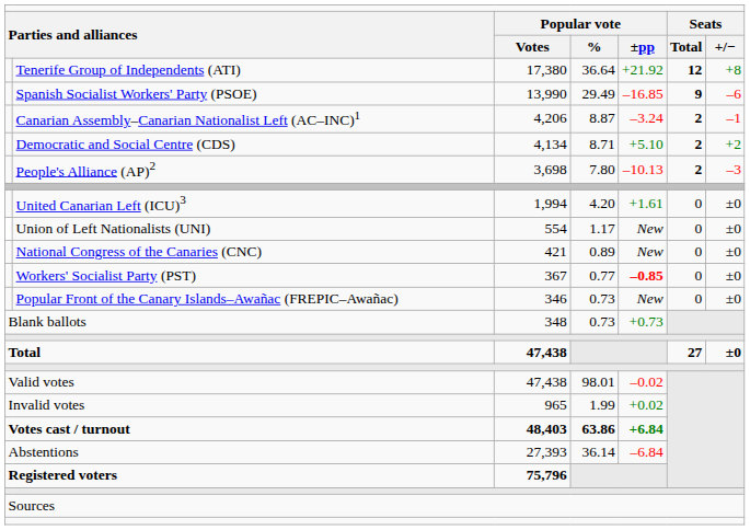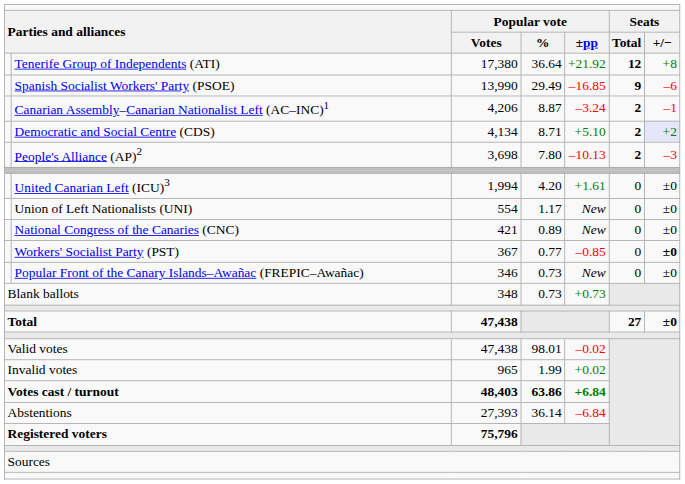 <table class="wikitable" style="text-align:right;">
 <tr>
 <td colspan="7"></td>
 </tr>
 <tr>
 <th style="text-align:left;" rowspan="2" colspan="2" width="525">Parties and alliances</th>
 <th colspan="3">Popular vote</th>
 <th colspan="2">Seats</th>
 </tr>
 <tr>
 <th width="75">Votes</th>
 <th width="45">%</th>
 <th width="45">±<a href='#'>pp</a></th>
 <th width="35">Total</th>
 <th width="35">+/−</th>
 </tr>
 <tr>
 <td width="1" style="color:inherit;background:"></td>
 <td align="left"><a href='#'>Tenerife Group of Independents</a> (ATI)</td>
 <td>17,380</td>
 <td>36.64</td>
 <td style="color:green;">+21.92</td>
 <td><strong>12</strong></td>
 <td style="color:green;">+8</td>
 </tr>
 <tr>
 <td style="color:inherit;background:"></td>
 <td align="left"><a href='#'>Spanish Socialist Workers' Party</a> (PSOE)</td>
 <td>13,990</td>
 <td>29.49</td>
 <td style="color:red;">–16.85</td>
 <td><strong>9</strong></td>
 <td style="color:red;">–6</td>
 </tr>
 <tr>
 <td style="color:inherit;background:"></td>
 <td align="left"><a href='#'>Canarian Assembly</a>–<a href='#'>Canarian Nationalist Left</a> (AC–INC)<sup>1</sup></td>
 <td>4,206</td>
 <td>8.87</td>
 <td style="color:red;">–3.24</td>
 <td><strong>2</strong></td>
 <td style="color:red;">–1</td>
 </tr>
 <tr>
 <td style="color:inherit;background:"></td>
 <td align="left"><a href='#'>Democratic and Social Centre</a> (CDS)</td>
 <td>4,134</td>
 <td>8.71</td>
 <td style="color:green;">+5.10</td>
 <td><strong>2</strong></td>
-<td style="color:green;">+2</td>
+<td style="background: lavender; color:green;">+2</td>
 </tr>
 <tr>
 <td style="color:inherit;background:"></td>
 <td align="left"><a href='#'>People's Alliance</a> (AP)<sup>2</sup></td>
 <td>3,698</td>
 <td>7.80</td>
 <td style="color:red;">–10.13</td>
 <td><strong>2</strong></td>
 <td style="color:red;">–3</td>
 </tr>
 <tr>
 <td colspan="7" bgcolor="#C0C0C0"></td>
 </tr>
 <tr>
 <td style="color:inherit;background:"></td>
 <td align="left"><a href='#'>United Canarian Left</a> (ICU)<sup>3</sup></td>
 <td>1,994</td>
 <td>4.20</td>
 <td style="color:green;">+1.61</td>
 <td>0</td>
 <td>±0</td>
 </tr>
 <tr>
 <td bgcolor="white"></td>
 <td align="left">Union of Left Nationalists (UNI)</td>
 <td>554</td>
 <td>1.17</td>
 <td><em>New</em></td>
 <td>0</td>
 <td>±0</td>
 </tr>
 <tr>
 <td style="color:inherit;background:"></td>
 <td align="left"><a href='#'>National Congress of the Canaries</a> (CNC)</td>
 <td>421</td>
 <td>0.89</td>
 <td><em>New</em></td>
 <td>0</td>
 <td>±0</td>
 </tr>
 <tr>
 <td style="color:inherit;background:"></td>
 <td align="left"><a href='#'>Workers' Socialist Party</a> (PST)</td>
 <td>367</td>
 <td>0.77</td>
-<td style="color:red;"><strong>–0.85</strong></td>
+<td style="color:red;">–0.85</td>
 <td>0</td>
-<td>±0</td>
+<td><strong>±0</strong></td>
 </tr>
 <tr>
 <td style="color:inherit;background:"></td>
 <td align="left"><a href='#'>Popular Front of the Canary Islands–Awañac</a> (FREPIC–Awañac)</td>
 <td>346</td>
 <td>0.73</td>
 <td><em>New</em></td>
 <td>0</td>
 <td>±0</td>
 </tr>
 <tr>
 <td align="left" colspan="2">Blank ballots</td>
 <td>348</td>
 <td>0.73</td>
 <td style="color:green;">+0.73</td>
 <td bgcolor="#E9E9E9" colspan="2"></td>
 </tr>
 <tr>
 <td colspan="7" bgcolor="#E9E9E9"></td>
 </tr>
 <tr style="font-weight:bold;">
 <td align="left" colspan="2">Total</td>
 <td>47,438</td>
 <td bgcolor="#E9E9E9" colspan="2"></td>
 <td>27</td>
 <td>±0</td>
 </tr>
 <tr>
 <td colspan="7" bgcolor="#E9E9E9"></td>
 </tr>
 <tr>
 <td align="left" colspan="2">Valid votes</td>
 <td>47,438</td>
 <td>98.01</td>
 <td style="color:red;">–0.02</td>
 <td bgcolor="#E9E9E9" colspan="2" rowspan="5"></td>
 </tr>
 <tr>
 <td align="left" colspan="2">Invalid votes</td>
 <td>965</td>
 <td>1.99</td>
 <td style="color:green;">+0.02</td>
 </tr>
 <tr style="font-weight:bold;">
 <td align="left" colspan="2">Votes cast / turnout</td>
 <td>48,403</td>
 <td>63.86</td>
 <td style="color:green;">+6.84</td>
 </tr>
 <tr>
 <td align="left" colspan="2">Abstentions</td>
 <td>27,393</td>
 <td>36.14</td>
 <td style="color:red;">–6.84</td>
 </tr>
 <tr style="font-weight:bold;">
 <td align="left" colspan="2">Registered voters</td>
 <td>75,796</td>
 <td bgcolor="#E9E9E9" colspan="2"></td>
 </tr>
 <tr>
 <td colspan="7" bgcolor="#E9E9E9"></td>
 </tr>
 <tr>
 <td align="left" colspan="7">Sources</td>
 </tr>
 <tr>
 <td colspan="7" style="text-align:left; max-width:790px;"></td>
 </tr>
 </table>
